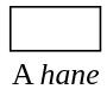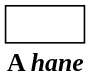 <table style="margin:1em;float: right">
 <tr>
 <td style="border: solid thin; padding: 2px;"><br></td>
 </tr>
 <tr>
-<td style="text-align:center">A <em>hane</em></td>
+<td style="text-align:center"><strong>A <em>hane</em></strong></td>
 </tr>
 </table>
